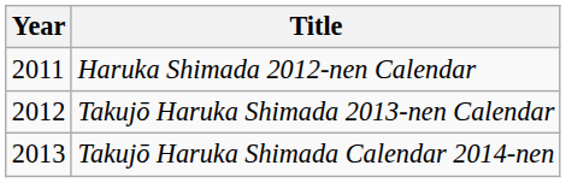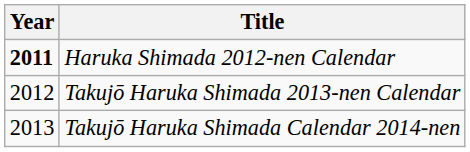 <table class="wikitable">
 <tr>
 <th>Year</th>
 <th>Title</th>
 </tr>
 <tr>
-<td>2011</td>
+<td><strong>2011</strong></td>
 <td><em>Haruka Shimada 2012-nen Calendar</em></td>
 </tr>
 <tr>
 <td>2012</td>
 <td><em>Takujō Haruka Shimada 2013-nen Calendar</em></td>
 </tr>
 <tr>
 <td>2013</td>
 <td><em>Takujō Haruka Shimada Calendar 2014-nen</em></td>
 </tr>
 </table>
